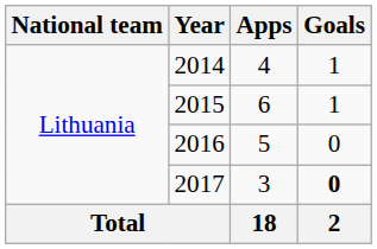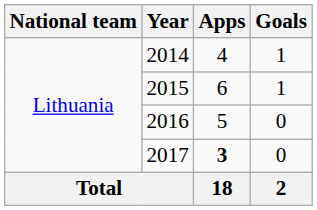 <table class="wikitable" style="text-align:center">
 <tr>
 <th>National team</th>
 <th>Year</th>
 <th>Apps</th>
 <th>Goals</th>
 </tr>
 <tr>
 <td rowspan="4"><a href='#'>Lithuania</a></td>
 <td>2014</td>
 <td>4</td>
 <td>1</td>
 </tr>
 <tr>
 <td>2015</td>
 <td>6</td>
 <td>1</td>
 </tr>
 <tr>
 <td>2016</td>
 <td>5</td>
 <td>0</td>
 </tr>
 <tr>
 <td>2017</td>
-<td>3</td>
-<td><strong>0</strong></td>
+<td><strong>3</strong></td>
+<td>0</td>
 </tr>
 <tr>
 <th colspan="2">Total</th>
 <th>18</th>
 <th>2</th>
 </tr>
 </table>
